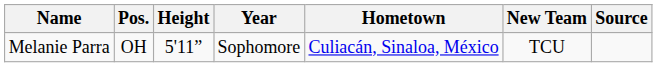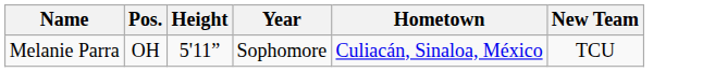 <table class="wikitable sortable" border="1">
 <tr>
 <th style="text-align:center; ">Name</th>
 <th style="text-align:center; ">Pos.</th>
 <th style="text-align:center; ">Height</th>
 <th style="text-align:center; ">Year</th>
 <th style="text-align:center; ">Hometown</th>
 <th style="text-align:center; ">New Team</th>
-<th style="text-align:center; ">Source</th>
 </tr>
 <tr align="center">
 <td>Melanie Parra</td>
 <td>OH</td>
 <td>5'11”</td>
 <td>Sophomore</td>
 <td><a href='#'>Culiacán, Sinaloa, México</a></td>
 <td>TCU</td>
-<td></td>
 </tr>
 </table>
